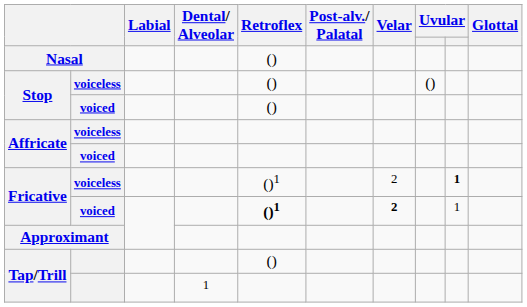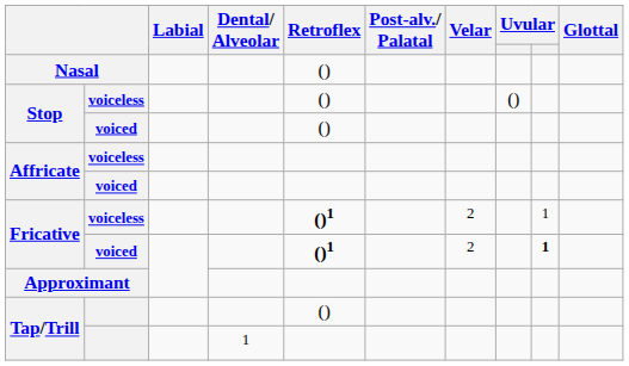 <table class="wikitable" style="text-align: center;">
 <tr>
 <th colspan="2" rowspan="2"></th>
 <th rowspan="2"><a href='#'>Labial</a></th>
 <th rowspan="2"><a href='#'>Dental</a>/<br><a href='#'>Alveolar</a></th>
 <th rowspan="2"><a href='#'>Retroflex</a></th>
 <th rowspan="2"><a href='#'>Post-alv.</a>/<br><a href='#'>Palatal</a></th>
 <th rowspan="2"><a href='#'>Velar</a></th>
 <th colspan="2"><a href='#'>Uvular</a></th>
 <th rowspan="2"><a href='#'>Glottal</a></th>
 </tr>
 <tr>
 <th></th>
 <th></th>
 </tr>
 <tr>
 <th colspan="2"><a href='#'>Nasal</a></th>
 <td></td>
 <td></td>
 <td>()</td>
 <td></td>
 <td></td>
 <td></td>
 <td></td>
 <td></td>
 </tr>
 <tr>
 <th rowspan="2"><a href='#'>Stop</a></th>
 <th><small><a href='#'>voiceless</a></small></th>
 <td></td>
 <td></td>
 <td>()</td>
 <td></td>
 <td></td>
 <td>()</td>
 <td></td>
 <td></td>
 </tr>
 <tr>
 <th><small><a href='#'>voiced</a></small></th>
 <td></td>
 <td></td>
 <td>()</td>
 <td></td>
 <td></td>
 <td></td>
 <td></td>
 <td></td>
 </tr>
 <tr>
 <th rowspan="2"><a href='#'>Affricate</a></th>
 <th><small><a href='#'>voiceless</a></small></th>
 <td></td>
 <td></td>
 <td></td>
 <td></td>
 <td></td>
 <td></td>
 <td></td>
 <td></td>
 </tr>
 <tr>
 <th><small><a href='#'>voiced</a></small></th>
 <td></td>
 <td></td>
 <td></td>
 <td></td>
 <td></td>
 <td></td>
 <td></td>
 <td></td>
 </tr>
 <tr>
 <th rowspan="2"><a href='#'>Fricative</a></th>
 <th><small><a href='#'>voiceless</a></small></th>
 <td></td>
 <td></td>
-<td>()<sup>1</sup></td>
+<td><strong>()<sup>1</sup></strong></td>
 <td></td>
 <td><sup>2</sup></td>
 <td></td>
-<td><strong><sup>1</sup></strong></td>
+<td><sup>1</sup></td>
 <td></td>
 </tr>
 <tr>
 <th><small><a href='#'>voiced</a></small></th>
 <td rowspan="2"></td>
 <td></td>
 <td><strong>()<sup>1</sup></strong></td>
 <td></td>
-<td><strong><sup>2</sup></strong></td>
+<td><sup>2</sup></td>
 <td></td>
-<td><sup>1</sup></td>
+<td><strong><sup>1</sup></strong></td>
 <td></td>
 </tr>
 <tr>
 <th colspan="2"><a href='#'>Approximant</a></th>
 <td></td>
 <td></td>
 <td></td>
 <td></td>
 <td></td>
 <td></td>
 <td></td>
 </tr>
 <tr>
 <th rowspan="2"><a href='#'>Tap</a>/<a href='#'>Trill</a></th>
 <th></th>
 <td></td>
 <td></td>
 <td>()</td>
 <td></td>
 <td></td>
 <td></td>
 <td></td>
 <td></td>
 </tr>
 <tr>
 <th></th>
 <td></td>
 <td><sup>1</sup></td>
 <td></td>
 <td></td>
 <td></td>
 <td></td>
 <td></td>
 <td></td>
 </tr>
 </table>
